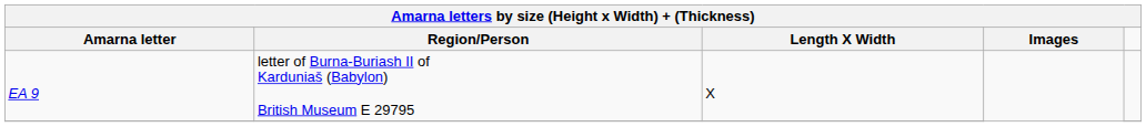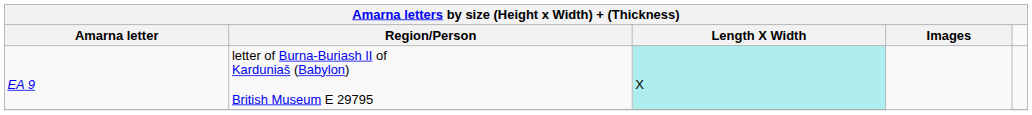 <table class="wikitable" align="center" width="100%">
 <tr>
 <th colspan="5" align="center"><strong><a href='#'>Amarna letters</a> by size (Height x Width) + (Thickness)</strong></th>
 </tr>
 <tr>
 <th>Amarna letter</th>
 <th>Region/Person</th>
 <th>Length X Width</th>
 <th>Images</th>
 </tr>
 <tr>
 <td><br><em><a href='#'>EA 9</a></em></td>
 <td>letter of <a href='#'>Burna-Buriash II</a> of <br><a href='#'>Karduniaš</a> (<a href='#'>Babylon</a>) <br><br><a href='#'>British Museum</a> E 29795</td>
-<td> <br>X </td>
+<td style="background: paleturquoise;"> <br>X </td>
 <td rowspan="99"><br></td>
 <td></td>
 </tr>
 <tr>
 </tr>
 </table>
